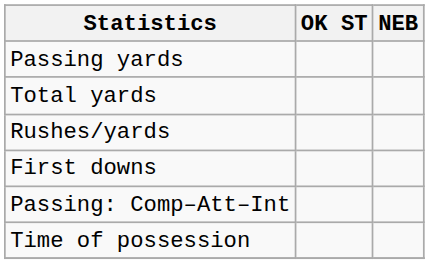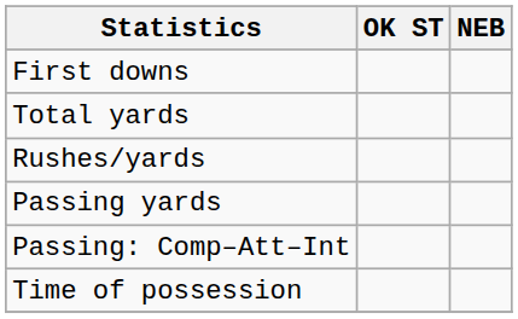 <table class="wikitable" style="float: left;">
 <tr>
 <th>Statistics</th>
 <th>OK ST</th>
 <th>NEB</th>
 </tr>
 <tr>
-<td>Passing yards</td>
+<td>First downs</td>
 <td></td>
 <td></td>
 </tr>
 <tr>
 <td>Total yards</td>
 <td></td>
 <td></td>
 </tr>
 <tr>
 <td>Rushes/yards</td>
 <td></td>
 <td></td>
 </tr>
 <tr>
-<td>First downs</td>
+<td>Passing yards</td>
 <td></td>
 <td></td>
 </tr>
 <tr>
 <td>Passing: Comp–Att–Int</td>
 <td></td>
 <td></td>
 </tr>
 <tr>
 <td>Time of possession</td>
 <td></td>
 <td></td>
 </tr>
 <tr>
 </tr>
 </table>
